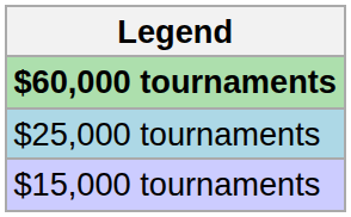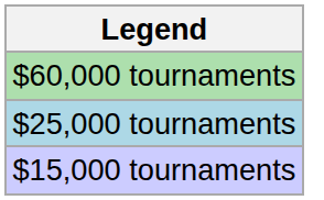 <table class="wikitable" style="font-size:85%">
 <tr>
 <th>Legend</th>
 </tr>
 <tr style="background:#addfad;">
-<td><strong>$60,000 tournaments</strong></td>
+<td>$60,000 tournaments</td>
 </tr>
 <tr style="background:lightblue;">
 <td>$25,000 tournaments</td>
 </tr>
 <tr style="background:#ccf;">
 <td>$15,000 tournaments</td>
 </tr>
 </table>
